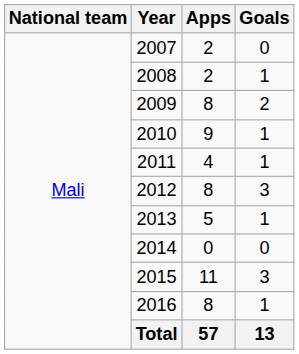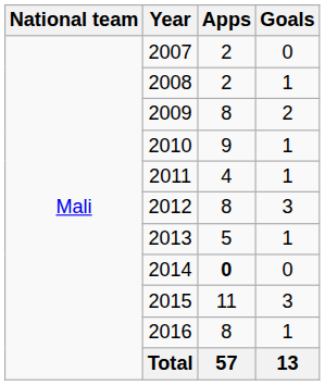 <table class="wikitable" style="text-align:center">
 <tr>
 <th>National team</th>
 <th>Year</th>
 <th>Apps</th>
 <th>Goals</th>
 </tr>
 <tr>
 <td rowspan="11"><a href='#'>Mali</a></td>
 <td>2007</td>
 <td>2</td>
 <td>0</td>
 </tr>
 <tr>
 <td>2008</td>
 <td>2</td>
 <td>1</td>
 </tr>
 <tr>
 <td>2009</td>
 <td>8</td>
 <td>2</td>
 </tr>
 <tr>
 <td>2010</td>
 <td>9</td>
 <td>1</td>
 </tr>
 <tr>
 <td>2011</td>
 <td>4</td>
 <td>1</td>
 </tr>
 <tr>
 <td>2012</td>
 <td>8</td>
 <td>3</td>
 </tr>
 <tr>
 <td>2013</td>
 <td>5</td>
 <td>1</td>
 </tr>
 <tr>
 <td>2014</td>
-<td>0</td>
+<td><strong>0</strong></td>
 <td>0</td>
 </tr>
 <tr>
 <td>2015</td>
 <td>11</td>
 <td>3</td>
 </tr>
 <tr>
 <td>2016</td>
 <td>8</td>
 <td>1</td>
 </tr>
 <tr>
 <th>Total</th>
 <th>57</th>
 <th>13</th>
 </tr>
 </table>
